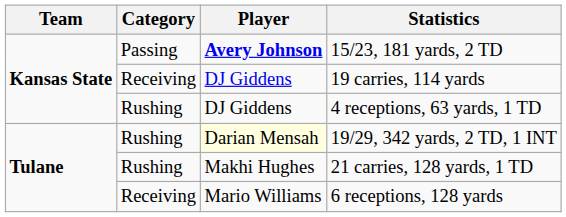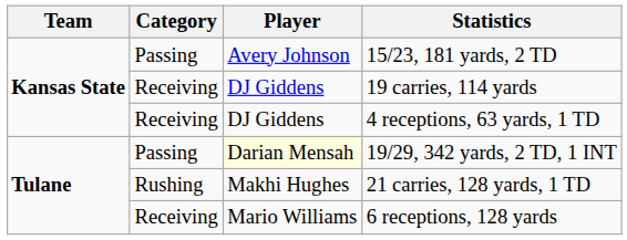 <table class="wikitable" style="float: right;">
 <tr>
 <th>Team</th>
 <th>Category</th>
 <th>Player</th>
 <th>Statistics</th>
 </tr>
 <tr>
 <td rowspan=3><strong>Kansas State</strong></td>
 <td>Passing</td>
-<td><strong><a href='#'>Avery Johnson</a></strong></td>
+<td><a href='#'>Avery Johnson</a></td>
 <td>15/23, 181 yards, 2 TD</td>
 </tr>
 <tr>
 <td>Receiving</td>
 <td><a href='#'>DJ Giddens</a></td>
 <td>19 carries, 114 yards</td>
 </tr>
 <tr>
-<td>Rushing</td>
+<td>Receiving</td>
 <td>DJ Giddens</td>
 <td>4 receptions, 63 yards, 1 TD</td>
 </tr>
 <tr>
 <td rowspan=3><strong>Tulane</strong></td>
-<td>Rushing</td>
+<td>Passing</td>
 <td style="background: lightyellow;">Darian Mensah</td>
 <td>19/29, 342 yards, 2 TD, 1 INT</td>
 </tr>
 <tr>
 <td>Rushing</td>
 <td>Makhi Hughes</td>
 <td>21 carries, 128 yards, 1 TD</td>
 </tr>
 <tr>
 <td>Receiving</td>
 <td>Mario Williams</td>
 <td>6 receptions, 128 yards</td>
 </tr>
 </table>
